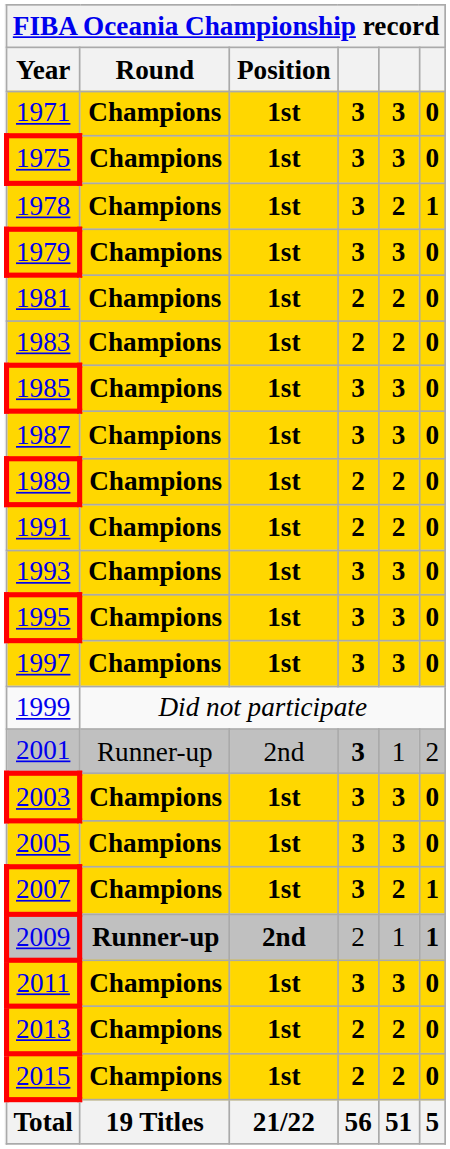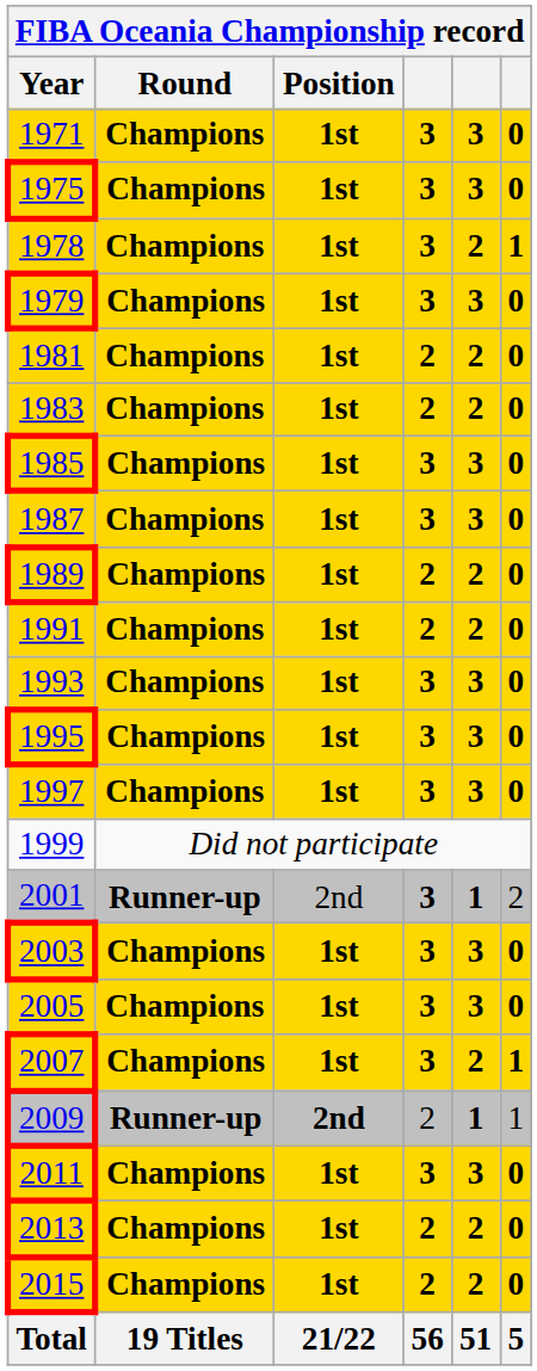 <table class="wikitable" style="text-align: center;">
 <tr>
 <th colspan=10><a href='#'>FIBA Oceania Championship</a> record</th>
 </tr>
 <tr>
 <th>Year</th>
 <th>Round</th>
 <th>Position</th>
 <th></th>
 <th></th>
 <th></th>
 </tr>
 <tr style="background:gold;">
 <td> <a href='#'>1971</a></td>
 <td><strong>Champions</strong></td>
 <td><strong>1st</strong></td>
 <td><strong>3</strong></td>
 <td><strong>3</strong></td>
 <td><strong>0</strong></td>
 </tr>
 <tr style="background:gold;">
 <td style="border: 3px solid red"> <a href='#'>1975</a></td>
 <td><strong>Champions</strong></td>
 <td><strong>1st</strong></td>
 <td><strong>3</strong></td>
 <td><strong>3</strong></td>
 <td><strong>0</strong></td>
 </tr>
 <tr style="background:gold;">
 <td> <a href='#'>1978</a></td>
 <td><strong>Champions</strong></td>
 <td><strong>1st</strong></td>
 <td><strong>3</strong></td>
 <td><strong>2</strong></td>
 <td><strong>1</strong></td>
 </tr>
 <tr style="background:gold;">
 <td style="border: 3px solid red"> <a href='#'>1979</a></td>
 <td><strong>Champions</strong></td>
 <td><strong>1st</strong></td>
 <td><strong>3</strong></td>
 <td><strong>3</strong></td>
 <td><strong>0</strong></td>
 </tr>
 <tr style="background:gold;">
 <td> <a href='#'>1981</a></td>
 <td><strong>Champions</strong></td>
 <td><strong>1st</strong></td>
 <td><strong>2</strong></td>
 <td><strong>2</strong></td>
 <td><strong>0</strong></td>
 </tr>
 <tr style="background:gold;">
 <td> <a href='#'>1983</a></td>
 <td><strong>Champions</strong></td>
 <td><strong>1st</strong></td>
 <td><strong>2</strong></td>
 <td><strong>2</strong></td>
 <td><strong>0</strong></td>
 </tr>
 <tr style="background:gold;">
 <td style="border: 3px solid red"> <a href='#'>1985</a></td>
 <td><strong>Champions</strong></td>
 <td><strong>1st</strong></td>
 <td><strong>3</strong></td>
 <td><strong>3</strong></td>
 <td><strong>0</strong></td>
 </tr>
 <tr style="background:gold;">
 <td> <a href='#'>1987</a></td>
 <td><strong>Champions</strong></td>
 <td><strong>1st</strong></td>
 <td><strong>3</strong></td>
 <td><strong>3</strong></td>
 <td><strong>0</strong></td>
 </tr>
 <tr style="background:gold;">
 <td style="border: 3px solid red"> <a href='#'>1989</a></td>
 <td><strong>Champions</strong></td>
 <td><strong>1st</strong></td>
 <td><strong>2</strong></td>
 <td><strong>2</strong></td>
 <td><strong>0</strong></td>
 </tr>
 <tr style="background:gold;">
 <td> <a href='#'>1991</a></td>
 <td><strong>Champions</strong></td>
 <td><strong>1st</strong></td>
 <td><strong>2</strong></td>
 <td><strong>2</strong></td>
 <td><strong>0</strong></td>
 </tr>
 <tr style="background:gold;">
 <td> <a href='#'>1993</a></td>
 <td><strong>Champions</strong></td>
 <td><strong>1st</strong></td>
 <td><strong>3</strong></td>
 <td><strong>3</strong></td>
 <td><strong>0</strong></td>
 </tr>
 <tr style="background:gold;">
 <td style="border: 3px solid red"> <a href='#'>1995</a></td>
 <td><strong>Champions</strong></td>
 <td><strong>1st</strong></td>
 <td><strong>3</strong></td>
 <td><strong>3</strong></td>
 <td><strong>0</strong></td>
 </tr>
 <tr style="background:gold;">
 <td> <a href='#'>1997</a></td>
 <td><strong>Champions</strong></td>
 <td><strong>1st</strong></td>
 <td><strong>3</strong></td>
 <td><strong>3</strong></td>
 <td><strong>0</strong></td>
 </tr>
 <tr>
 <td> <a href='#'>1999</a></td>
 <td colspan="6"><em>Did not participate</em></td>
 </tr>
 <tr style="background:silver;">
 <td> <a href='#'>2001</a></td>
-<td>Runner-up</td>
+<td><strong>Runner-up</strong></td>
 <td>2nd</td>
 <td><strong>3</strong></td>
-<td>1</td>
+<td><strong>1</strong></td>
 <td>2</td>
 </tr>
 <tr style="background:gold;">
 <td style="border: 3px solid red"> <a href='#'>2003</a></td>
 <td><strong>Champions</strong></td>
 <td><strong>1st</strong></td>
 <td><strong>3</strong></td>
 <td><strong>3</strong></td>
 <td><strong>0</strong></td>
 </tr>
 <tr style="background:gold;">
 <td> <a href='#'>2005</a></td>
 <td><strong>Champions</strong></td>
 <td><strong>1st</strong></td>
 <td><strong>3</strong></td>
 <td><strong>3</strong></td>
 <td><strong>0</strong></td>
 </tr>
 <tr style="background:gold;">
 <td style="border: 3px solid red"> <a href='#'>2007</a></td>
 <td><strong>Champions</strong></td>
 <td><strong>1st</strong></td>
 <td><strong>3</strong></td>
 <td><strong>2</strong></td>
 <td><strong>1</strong></td>
 </tr>
 <tr style="background:silver;">
 <td style="border: 3px solid red">  <a href='#'>2009</a></td>
 <td><strong>Runner-up</strong></td>
 <td><strong>2nd</strong></td>
 <td>2</td>
+<td><strong>1</strong></td>
 <td>1</td>
-<td><strong>1</strong></td>
 </tr>
 <tr style="background:gold;">
 <td style="border: 3px solid red"> <a href='#'>2011</a></td>
 <td><strong>Champions</strong></td>
 <td><strong>1st</strong></td>
 <td><strong>3</strong></td>
 <td><strong>3</strong></td>
 <td><strong>0</strong></td>
 </tr>
 <tr style="background:gold;">
 <td style="border: 3px solid red">  <a href='#'>2013</a></td>
 <td><strong>Champions</strong></td>
 <td><strong>1st</strong></td>
 <td><strong>2</strong></td>
 <td><strong>2</strong></td>
 <td><strong>0</strong></td>
 </tr>
 <tr style="background:gold;">
 <td style="border: 3px solid red">  <a href='#'>2015</a></td>
 <td><strong>Champions</strong></td>
 <td><strong>1st</strong></td>
 <td><strong>2</strong></td>
 <td><strong>2</strong></td>
 <td><strong>0</strong></td>
 </tr>
 <tr>
 <th>Total</th>
 <th>19 Titles</th>
 <th>21/22</th>
 <th>56</th>
 <th>51</th>
 <th>5</th>
 </tr>
 </table>
